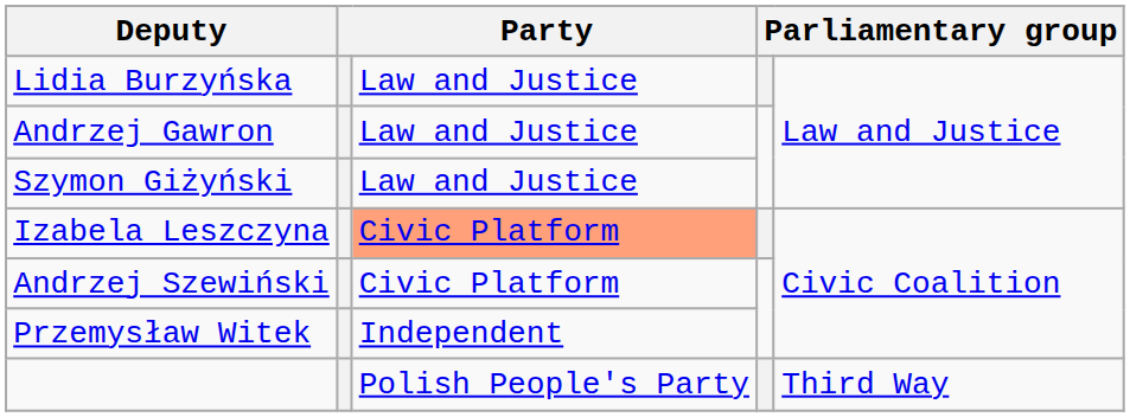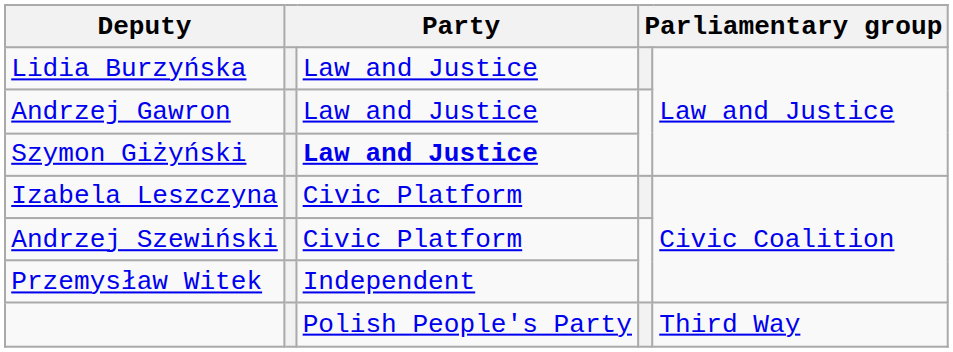 <table class="wikitable">
 <tr>
 <th>Deputy</th>
 <th colspan="2">Party</th>
 <th colspan="2">Parliamentary group</th>
 </tr>
 <tr>
 <td><a href='#'>Lidia Burzyńska</a></td>
 <th style="background-color: "></th>
 <td><a href='#'>Law and Justice</a></td>
 <th style="background-color: "></th>
 <td rowspan="3"><a href='#'>Law and Justice</a></td>
 </tr>
 <tr>
 <td><a href='#'>Andrzej Gawron</a></td>
 <th style="background-color: "></th>
 <td><a href='#'>Law and Justice</a></td>
 </tr>
 <tr>
 <td><a href='#'>Szymon Giżyński</a></td>
 <th style="background-color: "></th>
-<td><a href='#'>Law and Justice</a></td>
+<td><strong><a href='#'>Law and Justice</a></strong></td>
 </tr>
 <tr>
 <td><a href='#'>Izabela Leszczyna</a></td>
 <th style="background-color: "></th>
-<td style="background: lightsalmon;"><a href='#'>Civic Platform</a></td>
+<td><a href='#'>Civic Platform</a></td>
 <th style="background-color: "></th>
 <td rowspan="3"><a href='#'>Civic Coalition</a></td>
 </tr>
 <tr>
 <td><a href='#'>Andrzej Szewiński</a></td>
 <th style="background-color: "></th>
 <td><a href='#'>Civic Platform</a></td>
 </tr>
 <tr>
 <td><a href='#'>Przemysław Witek</a></td>
 <th style="background-color: "></th>
 <td><a href='#'>Independent</a></td>
 </tr>
 <tr>
 <td></td>
 <th style="background-color: "></th>
 <td><a href='#'>Polish People's Party</a></td>
 <th style="background-color: "></th>
 <td><a href='#'>Third Way</a></td>
 </tr>
 </table>
